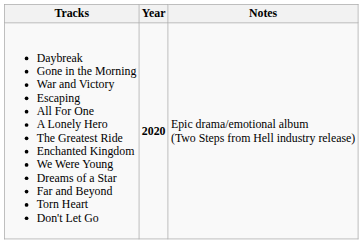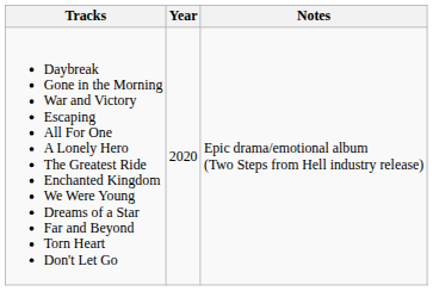 <table class="wikitable sortable">
 <tr>
 <th>Tracks</th>
 <th>Year</th>
 <th>Notes</th>
 </tr>
 <tr>
 <td><br><ul><li>Daybreak</li><li>Gone in the Morning</li><li>War and Victory</li><li>Escaping</li><li>All For One</li><li>A Lonely Hero</li><li>The Greatest Ride</li><li>Enchanted Kingdom</li><li>We Were Young</li><li>Dreams of a Star</li><li>Far and Beyond</li><li>Torn Heart</li><li>Don't Let Go</li></ul></td>
-<td><strong>2020</strong></td>
+<td>2020</td>
 <td>Epic drama/emotional album<br>(Two Steps from Hell industry release)</td>
 </tr>
 </table>
